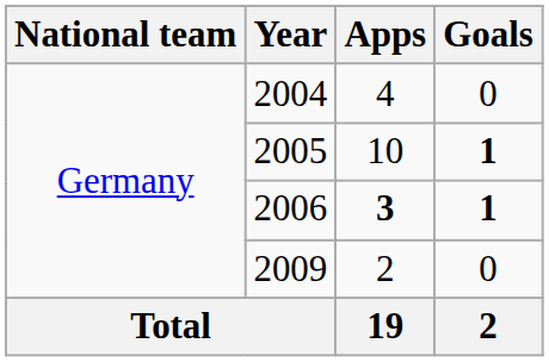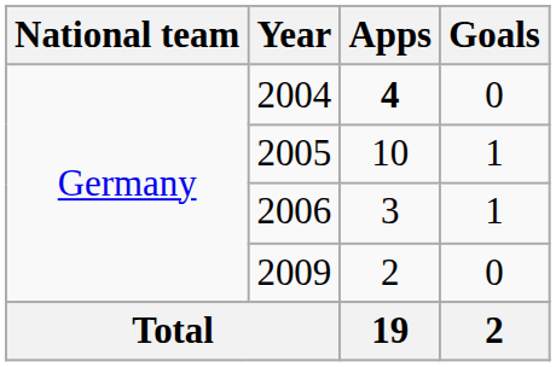 <table class="wikitable" style="text-align:center">
 <tr>
 <th>National team</th>
 <th>Year</th>
 <th>Apps</th>
 <th>Goals</th>
 </tr>
 <tr>
 <td rowspan="4"><a href='#'>Germany</a></td>
 <td>2004</td>
-<td>4</td>
+<td><strong>4</strong></td>
 <td>0</td>
 </tr>
 <tr>
 <td>2005</td>
 <td>10</td>
-<td><strong>1</strong></td>
+<td>1</td>
 </tr>
 <tr>
 <td>2006</td>
-<td><strong>3</strong></td>
-<td><strong>1</strong></td>
+<td>3</td>
+<td>1</td>
 </tr>
 <tr>
 <td>2009</td>
 <td>2</td>
 <td>0</td>
 </tr>
 <tr>
 <th colspan="2">Total</th>
 <th>19</th>
 <th>2</th>
 </tr>
 </table>
